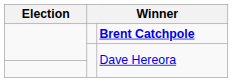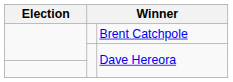 <table class=wikitable>
 <tr>
 <th width=100>Election</th>
 <th colspan=2 width=175>Winner</th>
 </tr>
 <tr>
 <td rowspan=2></td>
 <td width=5 bgcolor=></td>
-<td><strong><a href='#'>Brent Catchpole</a></strong></td>
+<td><a href='#'>Brent Catchpole</a></td>
 </tr>
 <tr>
 <td height=15 style="border-bottom:solid 0 grey; background:"></td>
 <td rowspan=2><a href='#'>Dave Hereora</a></td>
 </tr>
 <tr>
 <td></td>
 <td height=15 style="border-top:solid 0 grey; background:"></td>
 </tr>
 </table>
